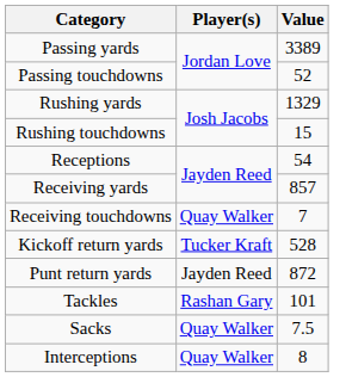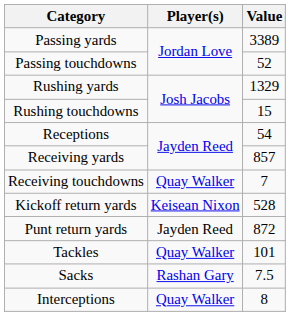 <table class="wikitable" style="text-align:center">
 <tr>
 <th>Category</th>
 <th>Player(s)</th>
 <th>Value</th>
 </tr>
 <tr>
 <td>Passing yards</td>
 <td rowspan=2><a href='#'>Jordan Love</a></td>
 <td>3389</td>
 </tr>
 <tr>
 <td>Passing touchdowns</td>
 <td>52</td>
 </tr>
 <tr>
 <td>Rushing yards</td>
 <td rowspan=2><a href='#'>Josh Jacobs</a></td>
 <td>1329</td>
 </tr>
 <tr>
 <td>Rushing touchdowns</td>
 <td>15</td>
 </tr>
 <tr>
 <td>Receptions</td>
 <td rowspan=2><a href='#'>Jayden Reed</a></td>
 <td>54</td>
 </tr>
 <tr>
 <td>Receiving yards</td>
 <td>857</td>
 </tr>
 <tr>
 <td>Receiving touchdowns</td>
 <td><a href='#'>Quay Walker</a></td>
 <td>7</td>
 </tr>
 <tr>
 <td>Kickoff return yards</td>
-<td><a href='#'>Tucker Kraft</a></td>
+<td><a href='#'>Keisean Nixon</a></td>
 <td>528</td>
 </tr>
 <tr>
 <td>Punt return yards</td>
 <td>Jayden Reed</td>
 <td>872</td>
 </tr>
 <tr>
 <td>Tackles</td>
-<td><a href='#'>Rashan Gary</a></td>
+<td><a href='#'>Quay Walker</a></td>
 <td>101</td>
 </tr>
 <tr>
 <td>Sacks</td>
-<td><a href='#'>Quay Walker</a></td>
+<td><a href='#'>Rashan Gary</a></td>
 <td>7.5</td>
 </tr>
 <tr>
 <td>Interceptions</td>
 <td><a href='#'>Quay Walker</a></td>
 <td>8</td>
 </tr>
 </table>
